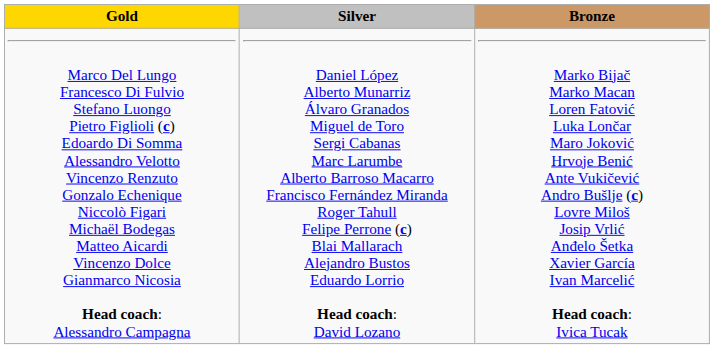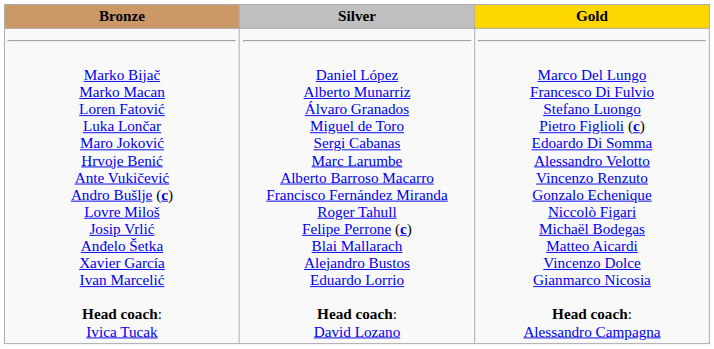 <table class="wikitable">
 <tr>
+<th style="text-align:center; width:15em; background-color:#CC9966;">Bronze</th>
+<th style="text-align:center; width:15em; background-color:silver;">Silver</th>
 <th style="text-align:center; width:15em; background-color:gold;">Gold</th>
-<th style="text-align:center; width:15em; background-color:silver;">Silver</th>
-<th style="text-align:center; width:15em; background-color:#CC9966;">Bronze</th>
 </tr>
 <tr>
+<td style="text-align:center; vertical-align:top;"><strong></strong> <hr><br><a href='#'>Marko Bijač</a><br> <a href='#'>Marko Macan</a><br> <a href='#'>Loren Fatović</a><br> <a href='#'>Luka Lončar</a><br> <a href='#'>Maro Joković</a><br> <a href='#'>Hrvoje Benić</a><br> <a href='#'>Ante Vukičević</a><br> <a href='#'>Andro Bušlje</a> (<a href='#'><strong>c</strong></a>)<br> <a href='#'>Lovre Miloš</a><br> <a href='#'>Josip Vrlić</a><br> <a href='#'>Anđelo Šetka</a><br> <a href='#'>Xavier García</a><br> <a href='#'>Ivan Marcelić</a><br><br><strong>Head coach</strong>: <br><a href='#'>Ivica Tucak</a></td>
+<td style="text-align:center; vertical-align:top;"><strong></strong> <hr><br><a href='#'>Daniel López</a><br> <a href='#'>Alberto Munarriz</a><br> <a href='#'>Álvaro Granados</a><br> <a href='#'>Miguel de Toro</a><br> <a href='#'>Sergi Cabanas</a><br> <a href='#'>Marc Larumbe</a><br> <a href='#'>Alberto Barroso Macarro</a><br> <a href='#'>Francisco Fernández Miranda</a><br> <a href='#'>Roger Tahull</a><br> <a href='#'>Felipe Perrone</a> (<a href='#'><strong>c</strong></a>)<br> <a href='#'>Blai Mallarach</a><br> <a href='#'>Alejandro Bustos</a><br> <a href='#'>Eduardo Lorrio</a><br><br><strong>Head coach</strong>: <br><a href='#'>David Lozano</a></td>
 <td style="text-align:center; vertical-align:top;"><strong></strong> <hr><br><a href='#'>Marco Del Lungo</a><br> <a href='#'>Francesco Di Fulvio</a><br> <a href='#'>Stefano Luongo</a><br> <a href='#'>Pietro Figlioli</a> (<a href='#'><strong>c</strong></a>)<br> <a href='#'>Edoardo Di Somma</a><br> <a href='#'>Alessandro Velotto</a><br> <a href='#'>Vincenzo Renzuto</a><br> <a href='#'>Gonzalo Echenique</a><br> <a href='#'>Niccolò Figari</a><br> <a href='#'>Michaël Bodegas</a><br> <a href='#'>Matteo Aicardi</a><br> <a href='#'>Vincenzo Dolce</a><br> <a href='#'>Gianmarco Nicosia</a><br><br><strong>Head coach</strong>: <br><a href='#'>Alessandro Campagna</a></td>
-<td style="text-align:center; vertical-align:top;"><strong></strong> <hr><br><a href='#'>Daniel López</a><br> <a href='#'>Alberto Munarriz</a><br> <a href='#'>Álvaro Granados</a><br> <a href='#'>Miguel de Toro</a><br> <a href='#'>Sergi Cabanas</a><br> <a href='#'>Marc Larumbe</a><br> <a href='#'>Alberto Barroso Macarro</a><br> <a href='#'>Francisco Fernández Miranda</a><br> <a href='#'>Roger Tahull</a><br> <a href='#'>Felipe Perrone</a> (<a href='#'><strong>c</strong></a>)<br> <a href='#'>Blai Mallarach</a><br> <a href='#'>Alejandro Bustos</a><br> <a href='#'>Eduardo Lorrio</a><br><br><strong>Head coach</strong>: <br><a href='#'>David Lozano</a></td>
-<td style="text-align:center; vertical-align:top;"><strong></strong> <hr><br><a href='#'>Marko Bijač</a><br> <a href='#'>Marko Macan</a><br> <a href='#'>Loren Fatović</a><br> <a href='#'>Luka Lončar</a><br> <a href='#'>Maro Joković</a><br> <a href='#'>Hrvoje Benić</a><br> <a href='#'>Ante Vukičević</a><br> <a href='#'>Andro Bušlje</a> (<a href='#'><strong>c</strong></a>)<br> <a href='#'>Lovre Miloš</a><br> <a href='#'>Josip Vrlić</a><br> <a href='#'>Anđelo Šetka</a><br> <a href='#'>Xavier García</a><br> <a href='#'>Ivan Marcelić</a><br><br><strong>Head coach</strong>: <br><a href='#'>Ivica Tucak</a></td>
 </tr>
 </table>
